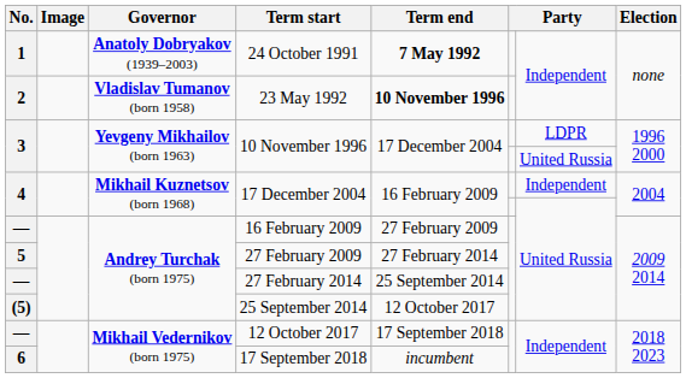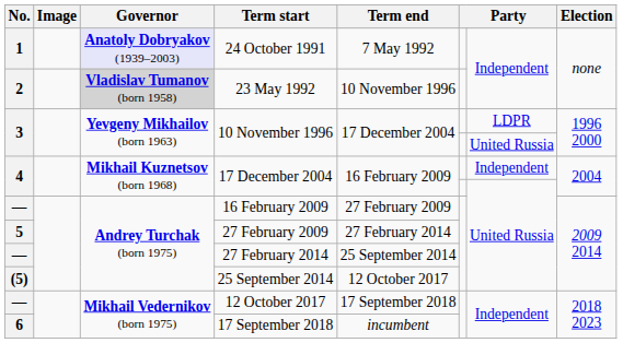 <table class="wikitable" style="text-align:center">
 <tr style="background:#cccccc" bgcolor=#E6E6AA>
 <th>No.</th>
 <th>Image</th>
 <th>Governor</th>
 <th>Term start</th>
 <th>Term end</th>
 <th colspan="2">Party</th>
 <th>Election</th>
 </tr>
 <tr>
 <th>1</th>
 <td></td>
-<td><strong><a href='#'>Anatoly Dobryakov</a></strong><br><small>(1939–2003)</small></td>
+<td style="background: lavender;"><strong><a href='#'>Anatoly Dobryakov</a></strong><br><small>(1939–2003)</small></td>
 <td>24 October 1991</td>
-<td><strong>7 May 1992</strong></td>
+<td>7 May 1992</td>
 <td style="background: "></td>
 <td rowspan="2"><a href='#'>Independent</a></td>
 <td rowspan=2><em>none</em></td>
 </tr>
 <tr>
 <th>2</th>
 <td></td>
-<td><strong><a href='#'>Vladislav Tumanov</a></strong><br><small>(born 1958)</small></td>
+<td style="background: lightgrey;"><strong><a href='#'>Vladislav Tumanov</a></strong><br><small>(born 1958)</small></td>
 <td>23 May 1992</td>
-<td><strong>10 November 1996</strong></td>
+<td>10 November 1996</td>
 <td style="background: "></td>
 </tr>
 <tr>
 <th rowspan=2>3</th>
 <td rowspan=2></td>
 <td rowspan=2><strong><a href='#'>Yevgeny Mikhailov</a></strong><br><small>(born 1963)</small></td>
 <td rowspan=2>10 November 1996</td>
 <td rowspan=2>17 December 2004</td>
 <td style="background: "></td>
 <td><a href='#'>LDPR</a></td>
 <td rowspan=2><a href='#'>1996</a><br><a href='#'>2000</a></td>
 </tr>
 <tr>
 <td style="background: "></td>
 <td><a href='#'>United Russia</a></td>
 </tr>
 <tr>
 <th rowspan=2>4</th>
 <td rowspan=2></td>
 <td rowspan=2><strong><a href='#'>Mikhail Kuznetsov</a></strong><br><small>(born 1968)</small></td>
 <td rowspan=2>17 December 2004</td>
 <td rowspan=2>16 February 2009</td>
 <td style="background: "></td>
 <td><a href='#'>Independent</a></td>
 <td rowspan=2><a href='#'>2004</a></td>
 </tr>
 <tr>
 <td style="background: "></td>
 <td rowspan=5><a href='#'>United Russia</a></td>
 </tr>
 <tr>
 <th>—</th>
 <td rowspan=4></td>
 <td rowspan=4><strong><a href='#'>Andrey Turchak</a></strong><br><small>(born 1975)</small></td>
 <td>16 February 2009</td>
 <td>27 February 2009</td>
 <td rowspan=4; style="background: "></td>
 <td rowspan=4><em><a href='#'>2009</a></em><br><a href='#'>2014</a></td>
 </tr>
 <tr>
 <th>5</th>
 <td>27 February 2009</td>
 <td>27 February 2014</td>
 </tr>
 <tr>
 <th>—</th>
 <td>27 February 2014</td>
 <td>25 September 2014</td>
 </tr>
 <tr>
 <th>(5)</th>
 <td>25 September 2014</td>
 <td>12 October 2017</td>
 </tr>
 <tr>
 <th>—</th>
 <td rowspan=2></td>
 <td rowspan=2><strong><a href='#'>Mikhail Vedernikov</a></strong><br><small>(born 1975)</small></td>
 <td>12 October 2017</td>
 <td>17 September 2018</td>
 <td rowspan=2; style="background: "></td>
 <td rowspan=2><a href='#'>Independent</a></td>
 <td rowspan=2><a href='#'>2018</a><br><a href='#'>2023</a></td>
 </tr>
 <tr>
 <th>6</th>
 <td>17 September 2018</td>
 <td><em>incumbent</em></td>
 </tr>
 </table>
